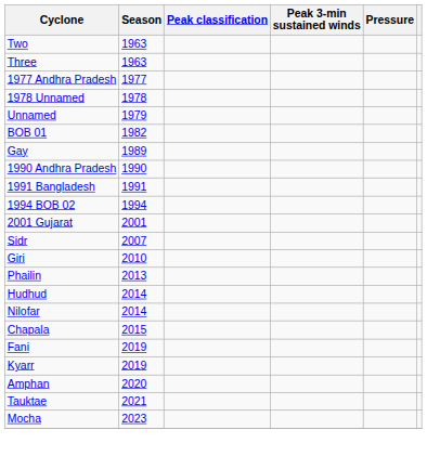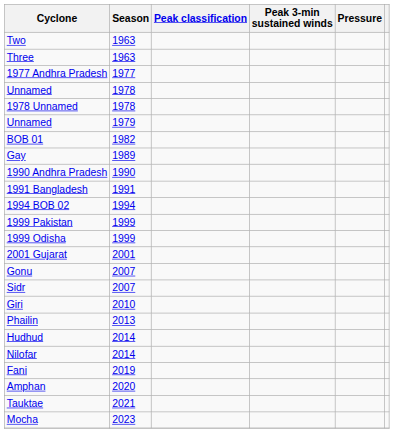 <table class="wikitable sortable">
 <tr>
 <th>Cyclone</th>
 <th>Season</th>
 <th><a href='#'>Peak classification</a></th>
 <th>Peak 3-min<br>sustained winds</th>
 <th>Pressure</th>
 <th class="unsortable"></th>
 </tr>
 <tr>
 <td><a href='#'>Two</a></td>
 <td><a href='#'>1963</a></td>
 <td></td>
 <td></td>
 <td></td>
 <td></td>
 </tr>
 <tr>
 <td><a href='#'>Three</a></td>
 <td><a href='#'>1963</a></td>
 <td></td>
 <td></td>
 <td></td>
 <td></td>
 </tr>
 <tr>
 <td><a href='#'>1977 Andhra Pradesh</a></td>
 <td><a href='#'>1977</a></td>
+<td></td>
+<td></td>
+<td></td>
+<td></td>
+</tr>
+<tr>
+<td><a href='#'>Unnamed</a></td>
+<td><a href='#'>1978</a></td>
 <td></td>
 <td></td>
 <td></td>
 <td></td>
 </tr>
 <tr>
 <td><a href='#'>1978 Unnamed</a></td>
 <td><a href='#'>1978</a></td>
 <td></td>
 <td></td>
 <td></td>
 <td></td>
 </tr>
 <tr>
 <td><a href='#'>Unnamed</a></td>
 <td><a href='#'>1979</a></td>
 <td></td>
 <td></td>
 <td></td>
 <td></td>
 </tr>
 <tr>
 <td><a href='#'>BOB 01</a></td>
 <td><a href='#'>1982</a></td>
 <td></td>
 <td></td>
 <td></td>
 <td></td>
 </tr>
 <tr>
 <td><a href='#'>Gay</a></td>
 <td><a href='#'>1989</a></td>
 <td></td>
 <td></td>
 <td></td>
 <td></td>
 </tr>
 <tr>
 <td><a href='#'>1990 Andhra Pradesh</a></td>
 <td><a href='#'>1990</a></td>
 <td></td>
 <td></td>
 <td></td>
 <td></td>
 </tr>
 <tr>
 <td><a href='#'>1991 Bangladesh</a></td>
 <td><a href='#'>1991</a></td>
 <td></td>
 <td></td>
 <td></td>
 <td></td>
 </tr>
 <tr>
 <td><a href='#'>1994 BOB 02</a></td>
 <td><a href='#'>1994</a></td>
 <td></td>
 <td></td>
 <td></td>
 <td></td>
 </tr>
 <tr>
+<td><a href='#'>1999 Pakistan</a></td>
+<td><a href='#'>1999</a></td>
+<td></td>
+<td></td>
+<td></td>
+<td></td>
+</tr>
+<tr>
+<td><a href='#'>1999 Odisha</a></td>
+<td><a href='#'>1999</a></td>
+<td></td>
+<td></td>
+<td></td>
+<td></td>
+</tr>
+<tr>
 <td><a href='#'>2001 Gujarat</a></td>
 <td><a href='#'>2001</a></td>
+<td></td>
+<td></td>
+<td></td>
+<td></td>
+</tr>
+<tr>
+<td><a href='#'>Gonu</a></td>
+<td><a href='#'>2007</a></td>
 <td></td>
 <td></td>
 <td></td>
 <td></td>
 </tr>
 <tr>
 <td><a href='#'>Sidr</a></td>
 <td><a href='#'>2007</a></td>
 <td></td>
 <td></td>
 <td></td>
 <td></td>
 </tr>
 <tr>
 <td><a href='#'>Giri</a></td>
 <td><a href='#'>2010</a></td>
 <td></td>
 <td></td>
 <td></td>
 <td></td>
 </tr>
 <tr>
 <td><a href='#'>Phailin</a></td>
 <td><a href='#'>2013</a></td>
 <td></td>
 <td></td>
 <td></td>
 <td></td>
 </tr>
 <tr>
 <td><a href='#'>Hudhud</a></td>
 <td><a href='#'>2014</a></td>
 <td></td>
 <td></td>
 <td></td>
 <td></td>
 </tr>
 <tr>
 <td><a href='#'>Nilofar</a></td>
 <td><a href='#'>2014</a></td>
 <td></td>
 <td></td>
 <td></td>
 <td></td>
 </tr>
 <tr>
-<td><a href='#'>Chapala</a></td>
-<td><a href='#'>2015</a></td>
-<td></td>
-<td></td>
-<td></td>
-<td></td>
-</tr>
-<tr>
 <td><a href='#'>Fani</a></td>
-<td><a href='#'>2019</a></td>
-<td></td>
-<td></td>
-<td></td>
-<td></td>
-</tr>
-<tr>
-<td><a href='#'>Kyarr</a></td>
 <td><a href='#'>2019</a></td>
 <td></td>
 <td></td>
 <td></td>
 <td></td>
 </tr>
 <tr>
 <td><a href='#'>Amphan</a></td>
 <td><a href='#'>2020</a></td>
 <td></td>
 <td></td>
 <td></td>
 <td></td>
 </tr>
 <tr>
 <td><a href='#'>Tauktae</a></td>
 <td><a href='#'>2021</a></td>
 <td></td>
 <td></td>
 <td></td>
 <td></td>
 </tr>
 <tr>
 <td><a href='#'>Mocha</a></td>
 <td><a href='#'>2023</a></td>
 <td></td>
 <td></td>
 <td></td>
 <td></td>
 </tr>
 <tr>
 </tr>
 </table>
